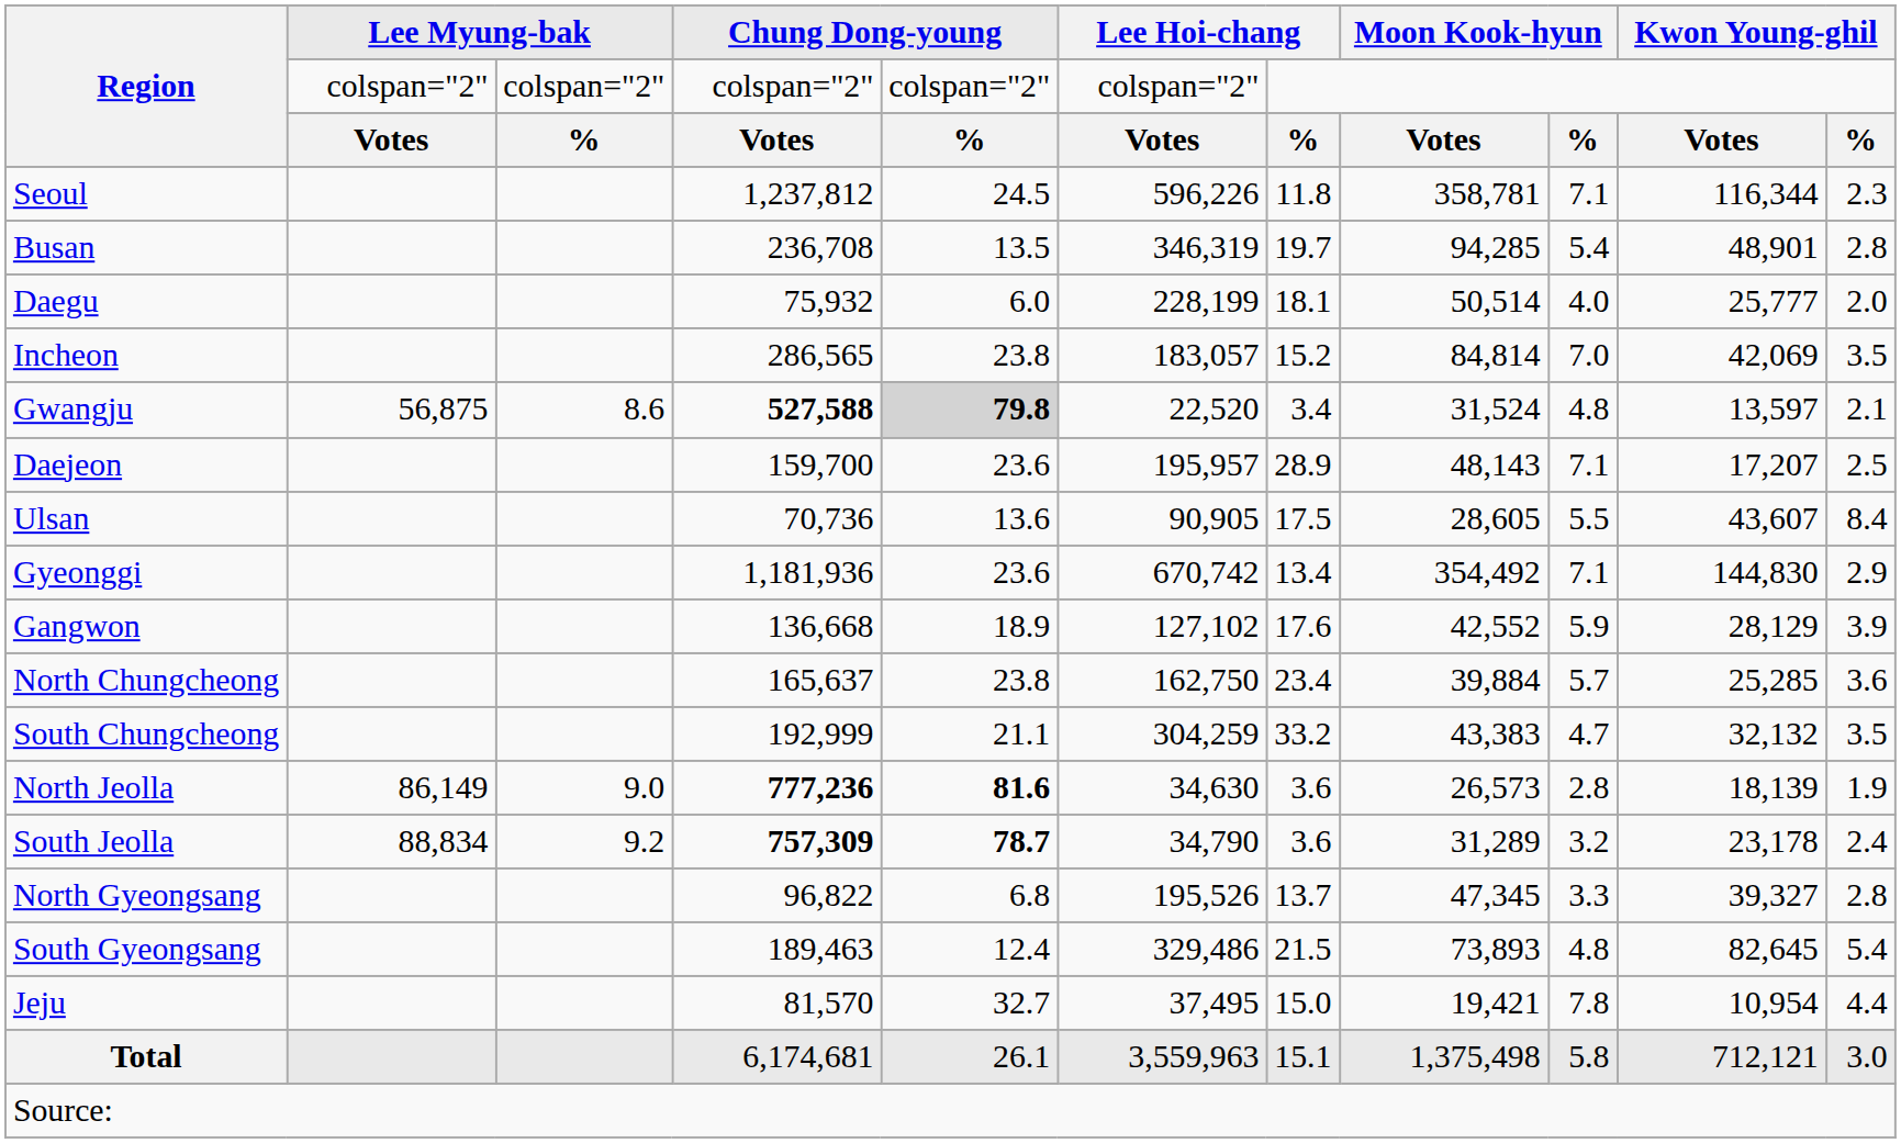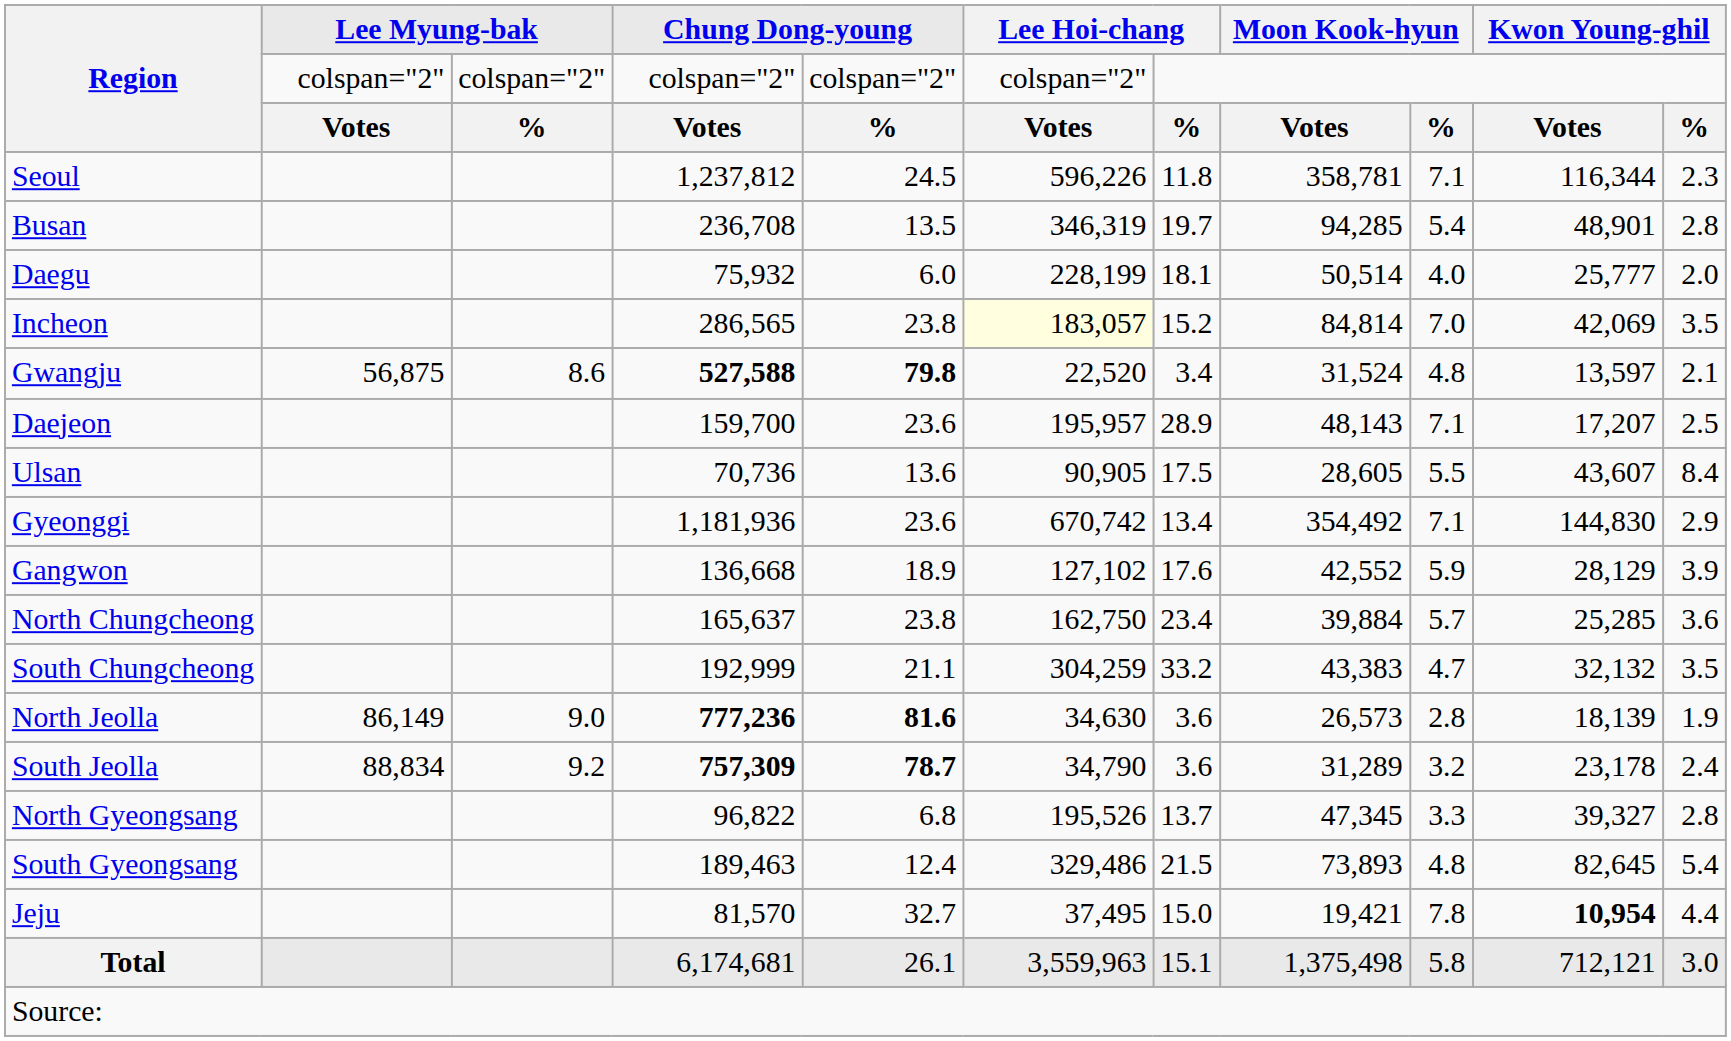 <table class="wikitable" style="text-align:right; font-size:95%">
 <tr>
 <th rowspan="3"><a href='#'>Region</a></th>
 <th colspan="2" align="center" style="background: #E9E9E9"><a href='#'>Lee Myung-bak</a></th>
 <th colspan="2" align="center" style="background: #E9E9E9"><a href='#'>Chung Dong-young</a></th>
 <th colspan="2"><a href='#'>Lee Hoi-chang</a></th>
 <th colspan="2"><a href='#'>Moon Kook-hyun</a></th>
 <th colspan="2"><a href='#'>Kwon Young-ghil</a></th>
 </tr>
 <tr>
 <td>colspan="2" </td>
 <td>colspan="2" </td>
 <td>colspan="2" </td>
 <td>colspan="2" </td>
 <td>colspan="2" </td>
 </tr>
 <tr>
 <th width="90px">Votes</th>
 <th width="25px">%</th>
 <th width="90px">Votes</th>
 <th width="25px">%</th>
 <th width="90px">Votes</th>
 <th width="25px">%</th>
 <th width="90px">Votes</th>
 <th width="25px">%</th>
 <th width="90px">Votes</th>
 <th width="25px">%</th>
 </tr>
 <tr>
 <td align="left"><a href='#'>Seoul</a></td>
 <td></td>
 <td></td>
 <td>1,237,812</td>
 <td>24.5</td>
 <td>596,226</td>
 <td>11.8</td>
 <td>358,781</td>
 <td>7.1</td>
 <td>116,344</td>
 <td>2.3</td>
 </tr>
 <tr>
 <td align="left"><a href='#'>Busan</a></td>
 <td></td>
 <td></td>
 <td>236,708</td>
 <td>13.5</td>
 <td>346,319</td>
 <td>19.7</td>
 <td>94,285</td>
 <td>5.4</td>
 <td>48,901</td>
 <td>2.8</td>
 </tr>
 <tr>
 <td align="left"><a href='#'>Daegu</a></td>
 <td></td>
 <td></td>
 <td>75,932</td>
 <td>6.0</td>
 <td>228,199</td>
 <td>18.1</td>
 <td>50,514</td>
 <td>4.0</td>
 <td>25,777</td>
 <td>2.0</td>
 </tr>
 <tr>
 <td align="left"><a href='#'>Incheon</a></td>
 <td></td>
 <td></td>
 <td>286,565</td>
 <td>23.8</td>
-<td>183,057</td>
+<td style="background: lightyellow;">183,057</td>
 <td>15.2</td>
 <td>84,814</td>
 <td>7.0</td>
 <td>42,069</td>
 <td>3.5</td>
 </tr>
 <tr>
 <td align="left"><a href='#'>Gwangju</a></td>
 <td>56,875</td>
 <td>8.6</td>
 <td><strong>527,588</strong></td>
-<td style="background: lightgrey;"><strong>79.8</strong></td>
+<td><strong>79.8</strong></td>
 <td>22,520</td>
 <td>3.4</td>
 <td>31,524</td>
 <td>4.8</td>
 <td>13,597</td>
 <td>2.1</td>
 </tr>
 <tr>
 <td align="left"><a href='#'>Daejeon</a></td>
 <td></td>
 <td></td>
 <td>159,700</td>
 <td>23.6</td>
 <td>195,957</td>
 <td>28.9</td>
 <td>48,143</td>
 <td>7.1</td>
 <td>17,207</td>
 <td>2.5</td>
 </tr>
 <tr>
 <td align="left"><a href='#'>Ulsan</a></td>
 <td></td>
 <td></td>
 <td>70,736</td>
 <td>13.6</td>
 <td>90,905</td>
 <td>17.5</td>
 <td>28,605</td>
 <td>5.5</td>
 <td>43,607</td>
 <td>8.4</td>
 </tr>
 <tr>
 <td align="left"><a href='#'>Gyeonggi</a></td>
 <td></td>
 <td></td>
 <td>1,181,936</td>
 <td>23.6</td>
 <td>670,742</td>
 <td>13.4</td>
 <td>354,492</td>
 <td>7.1</td>
 <td>144,830</td>
 <td>2.9</td>
 </tr>
 <tr>
 <td align="left"><a href='#'>Gangwon</a></td>
 <td></td>
 <td></td>
 <td>136,668</td>
 <td>18.9</td>
 <td>127,102</td>
 <td>17.6</td>
 <td>42,552</td>
 <td>5.9</td>
 <td>28,129</td>
 <td>3.9</td>
 </tr>
 <tr>
 <td align="left"><a href='#'>North Chungcheong</a></td>
 <td></td>
 <td></td>
 <td>165,637</td>
 <td>23.8</td>
 <td>162,750</td>
 <td>23.4</td>
 <td>39,884</td>
 <td>5.7</td>
 <td>25,285</td>
 <td>3.6</td>
 </tr>
 <tr>
 <td align="left"><a href='#'>South Chungcheong</a></td>
 <td></td>
 <td></td>
 <td>192,999</td>
 <td>21.1</td>
 <td>304,259</td>
 <td>33.2</td>
 <td>43,383</td>
 <td>4.7</td>
 <td>32,132</td>
 <td>3.5</td>
 </tr>
 <tr>
 <td align="left"><a href='#'>North Jeolla</a></td>
 <td>86,149</td>
 <td>9.0</td>
 <td><strong>777,236</strong></td>
 <td><strong>81.6</strong></td>
 <td>34,630</td>
 <td>3.6</td>
 <td>26,573</td>
 <td>2.8</td>
 <td>18,139</td>
 <td>1.9</td>
 </tr>
 <tr>
 <td align="left"><a href='#'>South Jeolla</a></td>
 <td>88,834</td>
 <td>9.2</td>
 <td><strong>757,309</strong></td>
 <td><strong>78.7</strong></td>
 <td>34,790</td>
 <td>3.6</td>
 <td>31,289</td>
 <td>3.2</td>
 <td>23,178</td>
 <td>2.4</td>
 </tr>
 <tr>
 <td align="left"><a href='#'>North Gyeongsang</a></td>
 <td></td>
 <td></td>
 <td>96,822</td>
 <td>6.8</td>
 <td>195,526</td>
 <td>13.7</td>
 <td>47,345</td>
 <td>3.3</td>
 <td>39,327</td>
 <td>2.8</td>
 </tr>
 <tr>
 <td align="left"><a href='#'>South Gyeongsang</a></td>
 <td></td>
 <td></td>
 <td>189,463</td>
 <td>12.4</td>
 <td>329,486</td>
 <td>21.5</td>
 <td>73,893</td>
 <td>4.8</td>
 <td>82,645</td>
 <td>5.4</td>
 </tr>
 <tr>
 <td align="left"><a href='#'>Jeju</a></td>
 <td></td>
 <td></td>
 <td>81,570</td>
 <td>32.7</td>
 <td>37,495</td>
 <td>15.0</td>
 <td>19,421</td>
 <td>7.8</td>
-<td>10,954</td>
+<td><strong>10,954</strong></td>
 <td>4.4</td>
 </tr>
 <tr style="background:#E9E9E9">
 <th align="left"><strong>Total</strong></th>
 <td></td>
 <td></td>
 <td>6,174,681</td>
 <td>26.1</td>
 <td>3,559,963</td>
 <td>15.1</td>
 <td>1,375,498</td>
 <td>5.8</td>
 <td>712,121</td>
 <td>3.0</td>
 </tr>
 <tr>
 <td colspan="11" align="left">Source: </td>
 </tr>
 </table>
